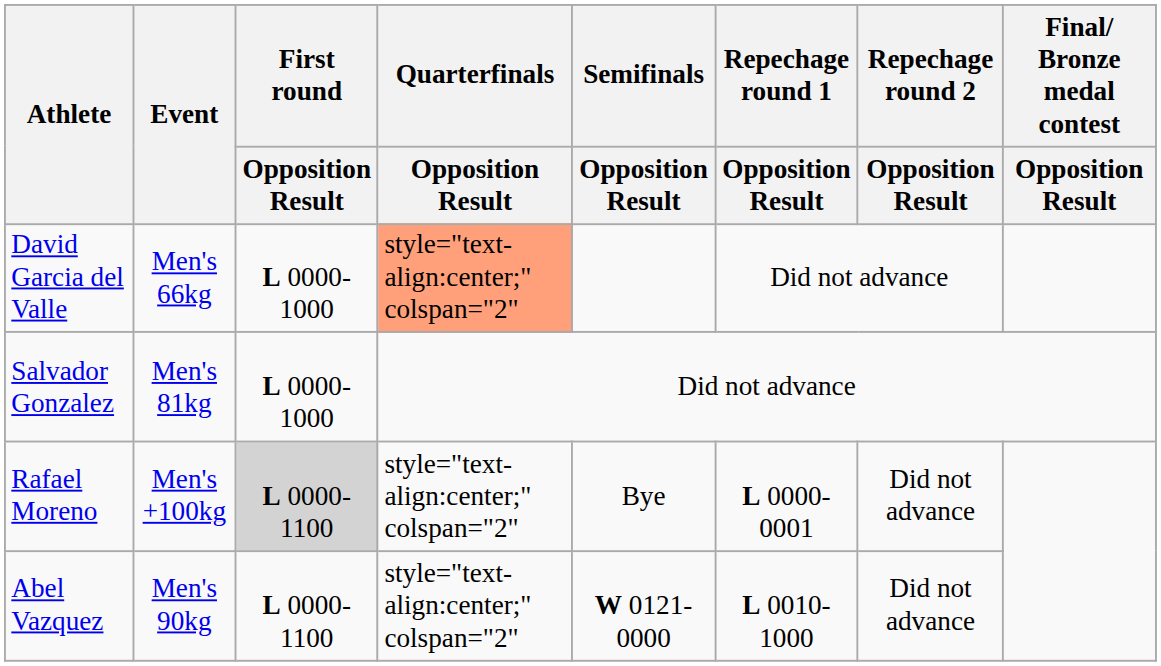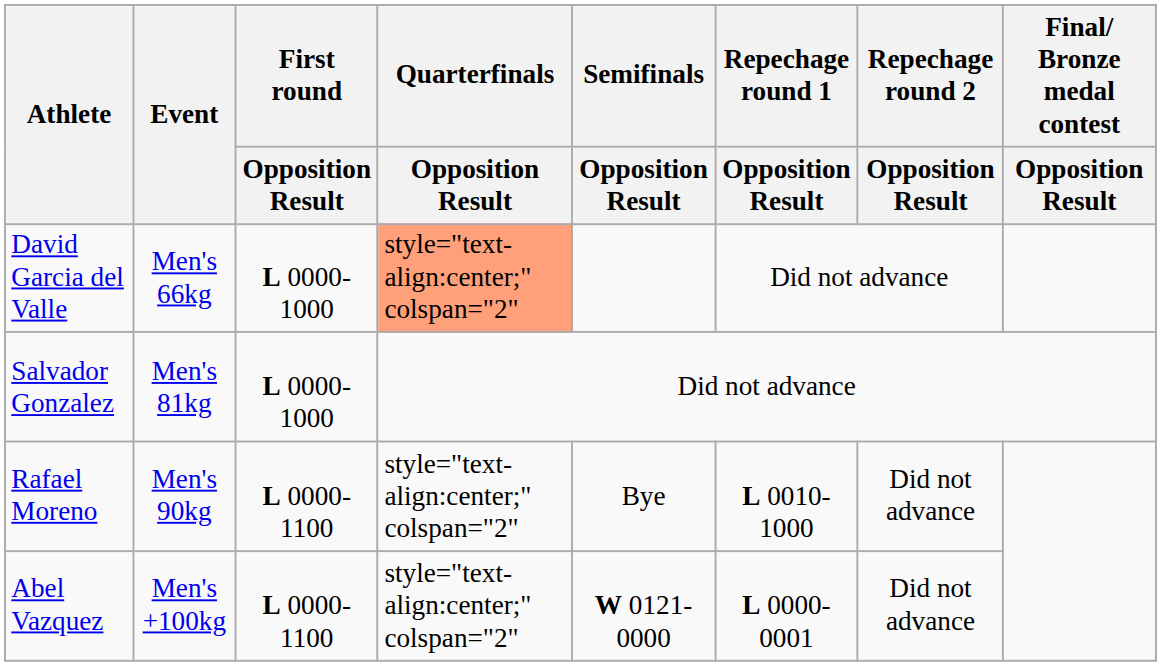 <table class=wikitable style="font-size:90%">
 <tr>
 <th rowspan="2">Athlete</th>
 <th rowspan="2">Event</th>
 <th>First round</th>
 <th>Quarterfinals</th>
 <th>Semifinals</th>
 <th>Repechage <br>round 1</th>
 <th>Repechage <br>round 2</th>
 <th>Final/<br>Bronze medal contest</th>
 </tr>
 <tr>
 <th>Opposition<br>Result</th>
 <th>Opposition<br>Result</th>
 <th>Opposition<br>Result</th>
 <th>Opposition<br>Result</th>
 <th>Opposition<br>Result</th>
 <th>Opposition<br>Result</th>
 </tr>
 <tr>
 <td><a href='#'>David Garcia del Valle</a></td>
 <td style="text-align:center;"><a href='#'>Men's 66kg</a></td>
 <td style="text-align:center;"><br> <strong>L</strong> 0000-1000</td>
 <td style="background: lightsalmon;">style="text-align:center;" colspan="2" </td>
 <td style="text-align:center;"><br> </td>
 <td style="text-align:center;" colspan="2">Did not advance</td>
 </tr>
 <tr>
 <td><a href='#'>Salvador Gonzalez</a></td>
 <td style="text-align:center;"><a href='#'>Men's 81kg</a></td>
 <td style="text-align:center;"><br> <strong>L</strong> 0000-1000</td>
 <td style="text-align:center;" colspan="5">Did not advance</td>
 </tr>
 <tr>
 <td><a href='#'>Rafael Moreno</a></td>
-<td style="text-align:center;"><a href='#'>Men's +100kg</a></td>
-<td style="background: lightgrey; text-align:center;"><br> <strong>L</strong> 0000-1100</td>
+<td style="text-align:center;"><a href='#'>Men's 90kg</a></td>
+<td style="text-align:center;"><br> <strong>L</strong> 0000-1100</td>
 <td>style="text-align:center;" colspan="2" </td>
 <td style="text-align:center;">Bye</td>
-<td style="text-align:center;"><br> <strong>L</strong> 0000-0001</td>
+<td style="text-align:center;"><br> <strong>L</strong> 0010-1000</td>
 <td style="text-align:center;">Did not advance</td>
 </tr>
 <tr>
 <td><a href='#'>Abel Vazquez</a></td>
-<td style="text-align:center;"><a href='#'>Men's 90kg</a></td>
+<td style="text-align:center;"><a href='#'>Men's +100kg</a></td>
 <td style="text-align:center;"><br> <strong>L</strong> 0000-1100</td>
 <td>style="text-align:center;" colspan="2" </td>
 <td style="text-align:center;"><br> <strong>W</strong> 0121-0000</td>
-<td style="text-align:center;"><br> <strong>L</strong> 0010-1000</td>
+<td style="text-align:center;"><br> <strong>L</strong> 0000-0001</td>
 <td style="text-align:center;">Did not advance</td>
 </tr>
 </table>
